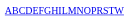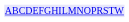 <table id="toc" class="toc" summary="Class">
 <tr>
 <th></th>
 </tr>
 <tr>
-<td style="text-align:center;"><a href='#'>A</a><a href='#'>B</a><a href='#'>C</a><a href='#'>D</a><a href='#'>E</a><a href='#'>F</a><a href='#'>G</a><a href='#'>H</a><a href='#'>I</a><a href='#'>L</a><a href='#'>M</a><a href='#'>N</a><a href='#'>O</a><a href='#'>P</a><a href='#'>R</a><a href='#'>S</a><a href='#'>T</a><a href='#'>W</a></td>
+<td style="background: lavender; text-align:center;"><a href='#'>A</a><a href='#'>B</a><a href='#'>C</a><a href='#'>D</a><a href='#'>E</a><a href='#'>F</a><a href='#'>G</a><a href='#'>H</a><a href='#'>I</a><a href='#'>L</a><a href='#'>M</a><a href='#'>N</a><a href='#'>O</a><a href='#'>P</a><a href='#'>R</a><a href='#'>S</a><a href='#'>T</a><a href='#'>W</a></td>
 </tr>
 </table>
